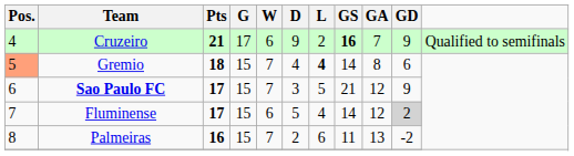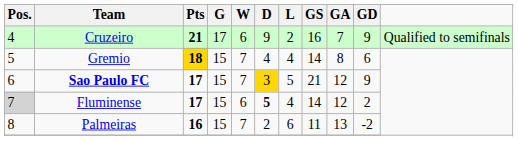 <table class="wikitable" style="text-align: center;">
 <tr>
 <th width="20">Pos.</th>
 <th width="165">Team</th>
 <th width="20">Pts</th>
 <th width="20">G</th>
 <th width="20">W</th>
 <th width="20">D</th>
 <th width="20">L</th>
 <th width="20">GS</th>
 <th width="20">GA</th>
 <th width="20">GD</th>
 </tr>
 <tr bgcolor=#CCFFCC>
 <td style="text-align:left;">4</td>
 <td><a href='#'>Cruzeiro</a></td>
 <td><strong>21</strong></td>
 <td>17</td>
 <td>6</td>
 <td>9</td>
 <td>2</td>
-<td><strong>16</strong></td>
+<td>16</td>
 <td>7</td>
 <td>9</td>
 <td>Qualified to semifinals</td>
 </tr>
 <tr>
-<td style="background: lightsalmon; text-align:left;">5</td>
+<td style="text-align:left;">5</td>
 <td><a href='#'>Gremio</a></td>
-<td><strong>18</strong></td>
+<td style="background: gold;"><strong>18</strong></td>
 <td>15</td>
 <td>7</td>
 <td>4</td>
-<td><strong>4</strong></td>
+<td>4</td>
 <td>14</td>
 <td>8</td>
 <td>6</td>
 </tr>
 <tr>
 <td style="text-align:left;">6</td>
 <td><strong><a href='#'>Sao Paulo FC</a></strong></td>
 <td><strong>17</strong></td>
 <td>15</td>
 <td>7</td>
-<td>3</td>
+<td style="background: gold;">3</td>
 <td>5</td>
 <td>21</td>
 <td>12</td>
 <td>9</td>
 </tr>
 <tr>
-<td style="text-align:left;">7</td>
+<td style="background: lightgrey; text-align:left;">7</td>
 <td><a href='#'>Fluminense</a></td>
 <td><strong>17</strong></td>
 <td>15</td>
 <td>6</td>
-<td>5</td>
+<td><strong>5</strong></td>
 <td>4</td>
 <td>14</td>
 <td>12</td>
-<td style="background: lightgrey;">2</td>
+<td>2</td>
 </tr>
 <tr>
 <td style="text-align:left;">8</td>
 <td><a href='#'>Palmeiras</a></td>
 <td><strong>16</strong></td>
 <td>15</td>
 <td>7</td>
 <td>2</td>
 <td>6</td>
 <td>11</td>
 <td>13</td>
 <td>-2</td>
 </tr>
 <tr>
 </tr>
 </table>
